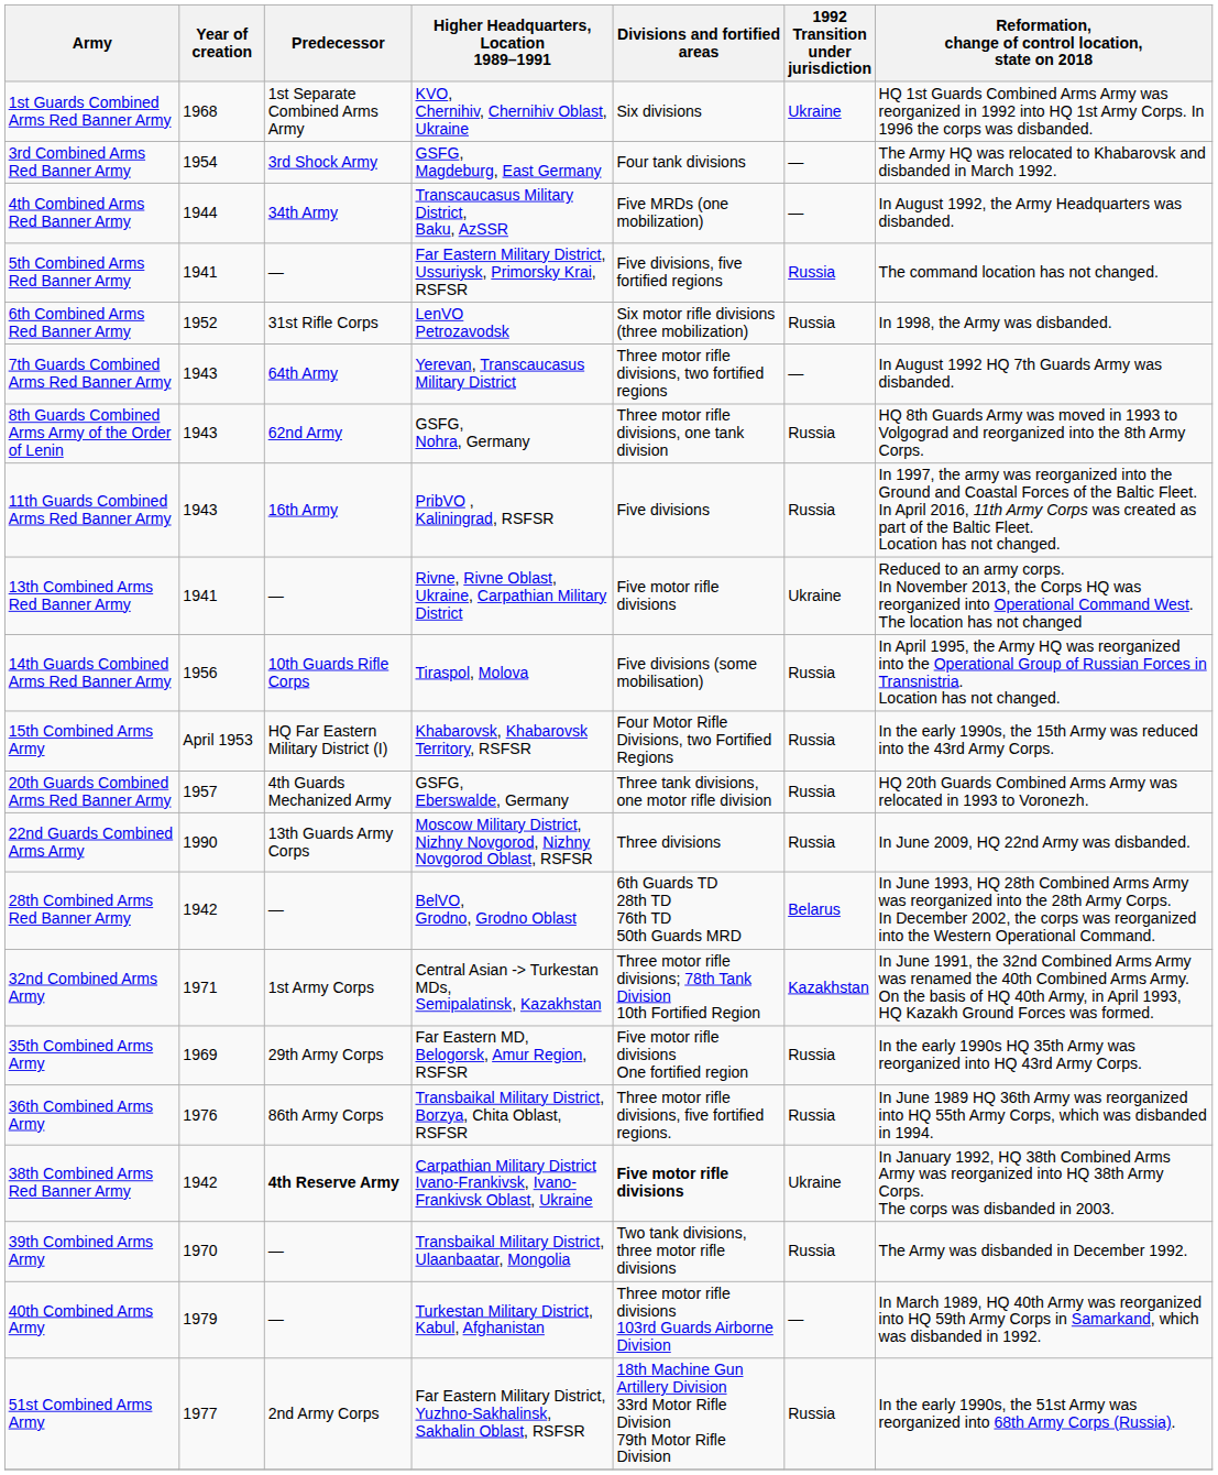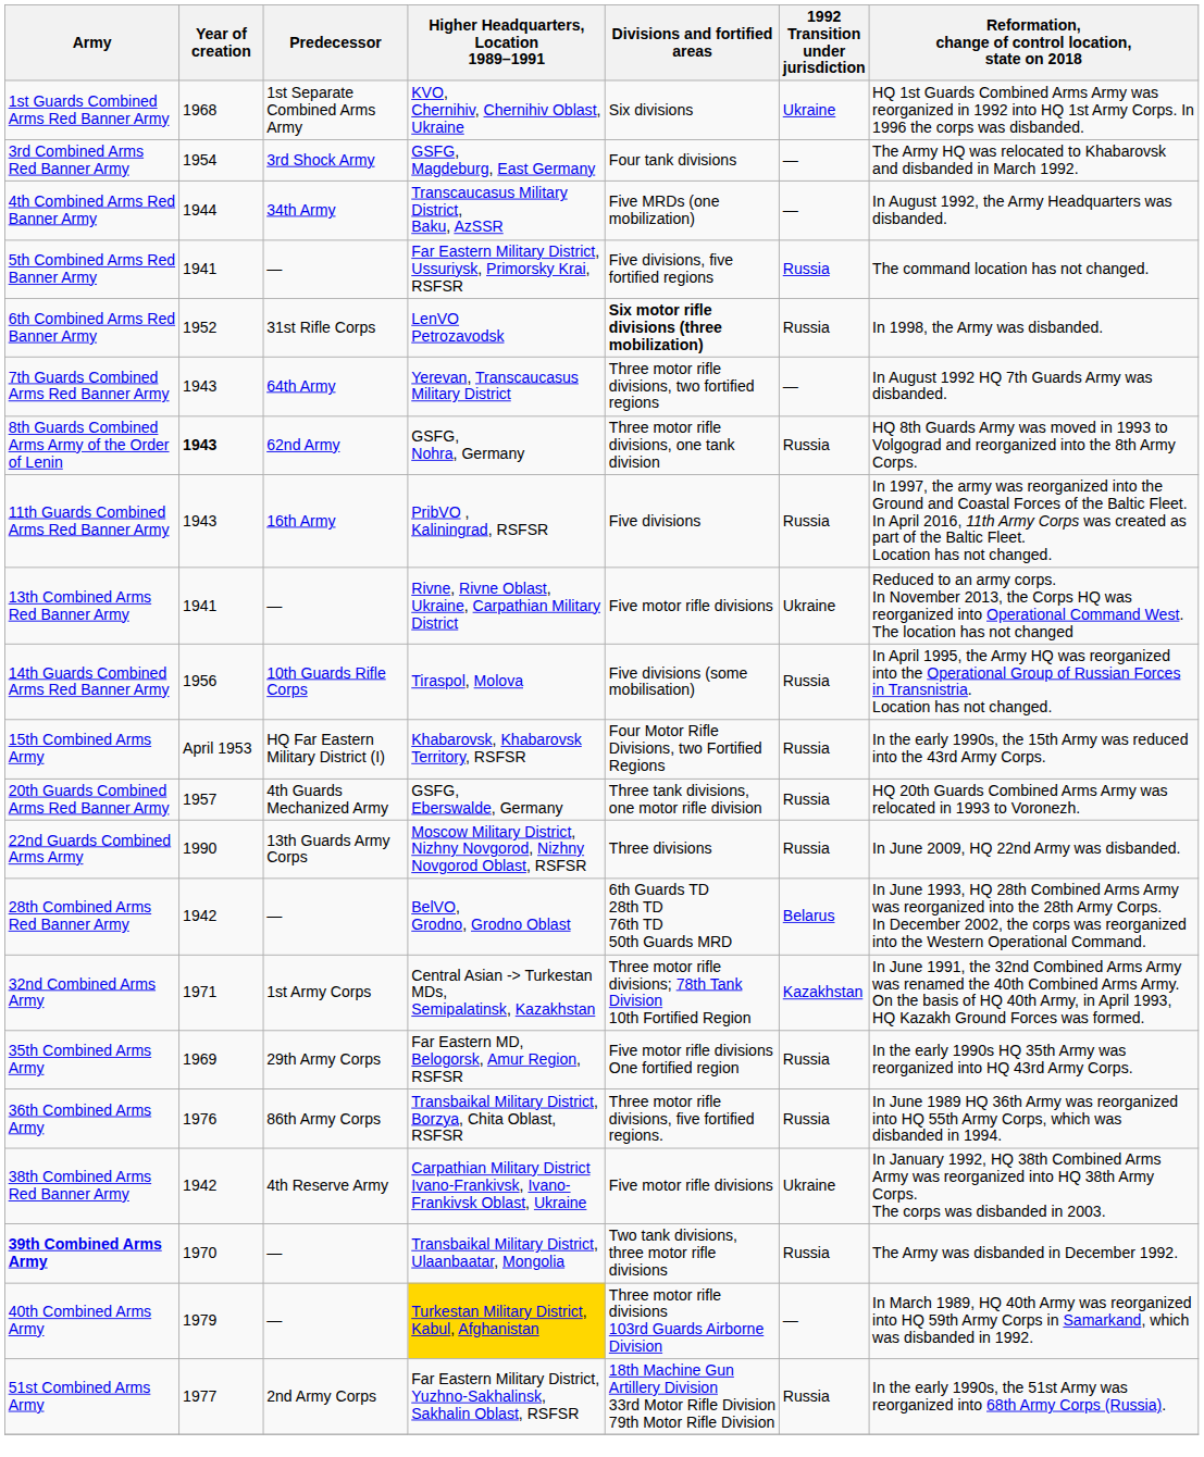 <table class="wikitable">
 <tr>
 <th>Army</th>
 <th>Year of creation</th>
 <th>Predecessor</th>
 <th>Higher Headquarters, Location<br>1989–1991</th>
 <th>Divisions and fortified areas</th>
 <th>1992<br>Transition<br>under<br>jurisdiction</th>
 <th>Reformation,<br>change of control location,<br>state on 2018</th>
 </tr>
 <tr>
 <td><a href='#'>1st Guards Combined Arms Red Banner Army</a></td>
 <td>1968</td>
 <td>1st Separate Combined Arms Army</td>
 <td><a href='#'>KVO</a>,<br><a href='#'>Chernihiv</a>, <a href='#'>Chernihiv Oblast</a>, <a href='#'>Ukraine</a></td>
 <td>Six divisions</td>
 <td><a href='#'>Ukraine</a></td>
 <td>HQ 1st Guards Combined Arms Army was reorganized in 1992 into HQ 1st Army Corps. In 1996 the corps was disbanded.</td>
 </tr>
 <tr>
 <td><a href='#'>3rd Combined Arms Red Banner Army</a></td>
 <td>1954</td>
 <td><a href='#'>3rd Shock Army</a></td>
 <td><a href='#'>GSFG</a>,<br><a href='#'>Magdeburg</a>, <a href='#'>East Germany</a></td>
 <td>Four tank divisions</td>
 <td>—</td>
 <td>The Army HQ was relocated to Khabarovsk and disbanded in March 1992.</td>
 </tr>
 <tr>
 <td><a href='#'>4th Combined Arms Red Banner Army</a></td>
 <td>1944</td>
 <td><a href='#'>34th Army</a></td>
 <td><a href='#'>Transcaucasus Military District</a>,<br><a href='#'>Baku</a>, <a href='#'>AzSSR</a></td>
 <td>Five MRDs (one mobilization)</td>
 <td>—</td>
 <td>In August 1992, the Army Headquarters was disbanded.</td>
 </tr>
 <tr>
 <td><a href='#'>5th Combined Arms Red Banner Army</a></td>
 <td>1941</td>
 <td>—</td>
 <td><a href='#'>Far Eastern Military District</a>,<br><a href='#'>Ussuriysk</a>, <a href='#'>Primorsky Krai</a>, RSFSR</td>
 <td>Five divisions, five fortified regions</td>
 <td><a href='#'>Russia</a></td>
 <td>The command location has not changed.</td>
 </tr>
 <tr>
 <td><a href='#'>6th Combined Arms Red Banner Army</a></td>
 <td>1952</td>
 <td>31st Rifle Corps</td>
 <td><a href='#'>LenVO</a><br><a href='#'>Petrozavodsk</a></td>
-<td>Six motor rifle divisions (three mobilization)</td>
+<td><strong>Six motor rifle divisions (three mobilization)</strong></td>
 <td>Russia</td>
 <td>In 1998, the Army was disbanded.</td>
 </tr>
 <tr>
 <td><a href='#'>7th Guards Combined Arms Red Banner Army</a></td>
 <td>1943</td>
 <td><a href='#'>64th Army</a></td>
 <td><a href='#'>Yerevan</a>, <a href='#'>Transcaucasus Military District</a></td>
 <td>Three motor rifle divisions, two fortified regions</td>
 <td>—</td>
 <td>In August 1992 HQ 7th Guards Army was disbanded.</td>
 </tr>
 <tr>
 <td><a href='#'>8th Guards Combined Arms Army of the Order of Lenin</a></td>
-<td>1943</td>
+<td><strong>1943</strong></td>
 <td><a href='#'>62nd Army</a></td>
 <td>GSFG,<br><a href='#'>Nohra</a>, Germany</td>
 <td>Three motor rifle divisions, one tank division</td>
 <td>Russia</td>
 <td>HQ 8th Guards Army was moved in 1993 to Volgograd and reorganized into the 8th Army Corps.</td>
 </tr>
 <tr>
 <td><a href='#'>11th Guards Combined Arms Red Banner Army</a></td>
 <td>1943</td>
 <td><a href='#'>16th Army</a></td>
 <td><a href='#'>PribVO</a> ,<br><a href='#'>Kaliningrad</a>, RSFSR</td>
 <td>Five divisions</td>
 <td>Russia</td>
 <td>In 1997, the army was reorganized into the Ground and Coastal Forces of the Baltic Fleet.<br>In April 2016, <em>11th Army Corps</em> was created as part of the Baltic Fleet.<br>Location has not changed.</td>
 </tr>
 <tr>
 <td><a href='#'>13th Combined Arms Red Banner Army</a></td>
 <td>1941</td>
 <td>—</td>
 <td><a href='#'>Rivne</a>, <a href='#'>Rivne Oblast</a>, <a href='#'>Ukraine</a>, <a href='#'>Carpathian Military District</a></td>
 <td>Five motor rifle divisions</td>
 <td>Ukraine</td>
 <td>Reduced to an army corps. <br>In November 2013, the Corps HQ was reorganized into <a href='#'>Operational Command West</a>. The location has not changed</td>
 </tr>
 <tr>
 <td><a href='#'>14th Guards Combined Arms Red Banner Army</a></td>
 <td>1956</td>
 <td><a href='#'>10th Guards Rifle Corps</a></td>
 <td><a href='#'>Tiraspol</a>, <a href='#'>Molova</a></td>
 <td>Five divisions (some mobilisation)</td>
 <td>Russia</td>
 <td>In April 1995, the Army HQ was reorganized into the <a href='#'>Operational Group of Russian Forces in Transnistria</a>. <br>Location has not changed.</td>
 </tr>
 <tr>
 <td><a href='#'>15th Combined Arms Army</a></td>
 <td>April 1953</td>
 <td>HQ Far Eastern Military District (I)</td>
 <td><a href='#'>Khabarovsk</a>, <a href='#'>Khabarovsk Territory</a>, RSFSR</td>
 <td>Four Motor Rifle Divisions, two Fortified Regions</td>
 <td>Russia</td>
 <td>In the early 1990s, the 15th Army was reduced into the 43rd Army Corps.</td>
 </tr>
 <tr>
 <td><a href='#'>20th Guards Combined Arms Red Banner Army</a></td>
 <td>1957</td>
 <td>4th Guards Mechanized Army</td>
 <td>GSFG,<br><a href='#'>Eberswalde</a>, Germany</td>
 <td>Three tank divisions, one motor rifle division</td>
 <td>Russia</td>
 <td>HQ 20th Guards Combined Arms Army was relocated in 1993 to Voronezh.</td>
 </tr>
 <tr>
 <td><a href='#'>22nd Guards Combined Arms Army</a></td>
 <td>1990</td>
 <td>13th Guards Army Corps</td>
 <td><a href='#'>Moscow Military District</a>,<br><a href='#'>Nizhny Novgorod</a>, <a href='#'>Nizhny Novgorod Oblast</a>, RSFSR</td>
 <td>Three divisions</td>
 <td>Russia</td>
 <td>In June 2009, HQ 22nd Army was disbanded.</td>
 </tr>
 <tr>
 <td><a href='#'>28th Combined Arms Red Banner Army</a></td>
 <td>1942</td>
 <td>—</td>
 <td><a href='#'>BelVO</a>,<br><a href='#'>Grodno</a>, <a href='#'>Grodno Oblast</a></td>
 <td>6th Guards TD<br>28th TD<br>76th TD<br>50th Guards MRD</td>
 <td><a href='#'>Belarus</a></td>
 <td>In June 1993, HQ 28th Combined Arms Army was reorganized into the 28th Army Corps.<br> In December 2002, the corps was reorganized into the Western Operational Command.</td>
 </tr>
 <tr>
 <td><a href='#'>32nd Combined Arms Army</a></td>
 <td>1971</td>
 <td>1st Army Corps</td>
 <td>Central Asian -> Turkestan MDs,<br><a href='#'>Semipalatinsk</a>, <a href='#'>Kazakhstan</a></td>
 <td>Three motor rifle divisions; <a href='#'>78th Tank Division</a><br>10th Fortified Region</td>
 <td><a href='#'>Kazakhstan</a></td>
 <td>In June 1991, the 32nd Combined Arms Army was renamed the 40th Combined Arms Army.<br> On the basis of HQ 40th Army, in April 1993, HQ Kazakh Ground Forces was formed.</td>
 </tr>
 <tr>
 <td><a href='#'>35th Combined Arms Army</a></td>
 <td>1969</td>
 <td>29th Army Corps</td>
 <td>Far Eastern MD,<br><a href='#'>Belogorsk</a>, <a href='#'>Amur Region</a>, RSFSR</td>
 <td>Five motor rifle divisions<br>One fortified region</td>
 <td>Russia</td>
 <td>In the early 1990s HQ 35th Army was reorganized into HQ 43rd Army Corps.</td>
 </tr>
 <tr>
 <td><a href='#'>36th Combined Arms Army</a></td>
 <td>1976</td>
 <td>86th Army Corps</td>
 <td><a href='#'>Transbaikal Military District</a>,<br><a href='#'>Borzya</a>, Chita Oblast, RSFSR</td>
 <td>Three motor rifle divisions, five fortified regions.</td>
 <td>Russia</td>
 <td>In June 1989 HQ 36th Army was reorganized into HQ 55th Army Corps, which was disbanded in 1994.</td>
 </tr>
 <tr>
 <td><a href='#'>38th Combined Arms Red Banner Army</a></td>
 <td>1942</td>
-<td><strong>4th Reserve Army</strong></td>
+<td>4th Reserve Army</td>
 <td><a href='#'>Carpathian Military District</a><br><a href='#'>Ivano-Frankivsk</a>, <a href='#'>Ivano-Frankivsk Oblast</a>, <a href='#'>Ukraine</a></td>
-<td><strong>Five motor rifle divisions</strong></td>
+<td>Five motor rifle divisions</td>
 <td>Ukraine</td>
 <td>In January 1992, HQ 38th Combined Arms Army was reorganized into HQ 38th Army Corps.<br>The corps was disbanded in 2003.</td>
 </tr>
 <tr>
-<td><a href='#'>39th Combined Arms Army</a></td>
+<td><strong><a href='#'>39th Combined Arms Army</a></strong></td>
 <td>1970</td>
 <td>—</td>
 <td><a href='#'>Transbaikal Military District</a>,<br><a href='#'>Ulaanbaatar</a>, <a href='#'>Mongolia</a></td>
 <td>Two tank divisions, three motor rifle divisions</td>
 <td>Russia</td>
 <td>The Army was disbanded in December 1992.</td>
 </tr>
 <tr>
 <td><a href='#'>40th Combined Arms Army</a></td>
 <td>1979</td>
 <td>—</td>
-<td><a href='#'>Turkestan Military District</a>,<br><a href='#'>Kabul</a>, <a href='#'>Afghanistan</a></td>
+<td style="background: gold;"><a href='#'>Turkestan Military District</a>,<br><a href='#'>Kabul</a>, <a href='#'>Afghanistan</a></td>
 <td>Three motor rifle divisions<br><a href='#'>103rd Guards Airborne Division</a></td>
 <td>—</td>
 <td>In March 1989, HQ 40th Army was reorganized into HQ 59th Army Corps in <a href='#'>Samarkand</a>, which was disbanded in 1992.</td>
 </tr>
 <tr>
 <td><a href='#'>51st Combined Arms Army</a></td>
 <td>1977</td>
 <td>2nd Army Corps</td>
 <td>Far Eastern Military District,<br><a href='#'>Yuzhno-Sakhalinsk</a>, <a href='#'>Sakhalin Oblast</a>, RSFSR</td>
 <td><a href='#'>18th Machine Gun Artillery Division</a><br>33rd Motor Rifle Division<br>79th Motor Rifle Division</td>
 <td>Russia</td>
 <td>In the early 1990s, the 51st Army was reorganized into <a href='#'>68th Army Corps (Russia)</a>.</td>
 </tr>
 <tr>
 </tr>
 </table>
